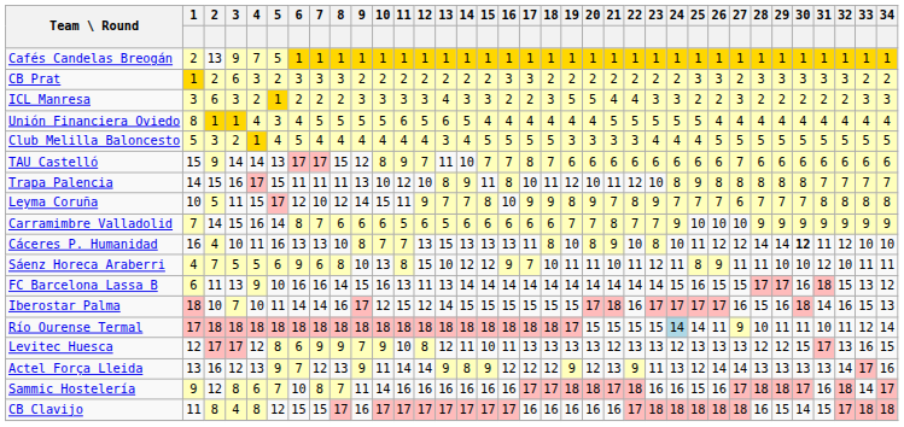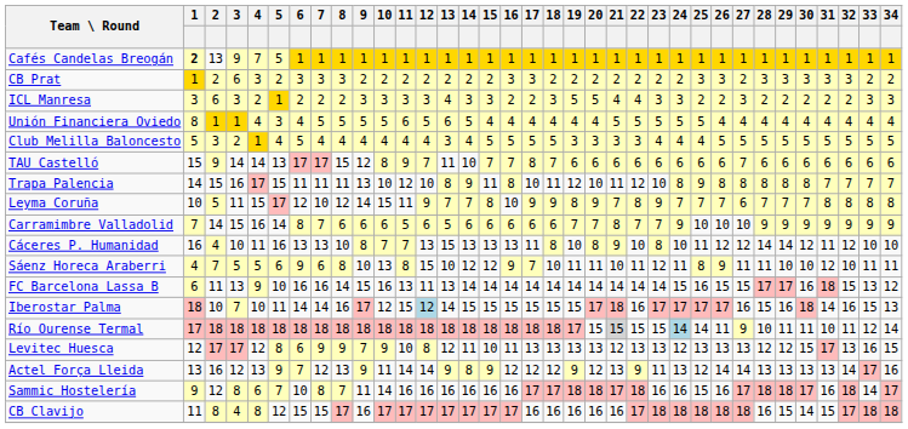 <table class="wikitable sortable" style="font-size: 85%; text-align:center; white-space: nowrap;">
 <tr>
 <th rowspan="2" style="width:140px;">Team \ Round</th>
 <th class="unsortable">1</th>
 <th class="unsortable">2</th>
 <th class="unsortable">3</th>
 <th class="unsortable">4</th>
 <th class="unsortable">5</th>
 <th class="unsortable">6</th>
 <th class="unsortable">7</th>
 <th class="unsortable">8</th>
 <th class="unsortable">9</th>
 <th class="unsortable">10</th>
 <th class="unsortable">11</th>
 <th class="unsortable">12</th>
 <th class="unsortable">13</th>
 <th class="unsortable">14</th>
 <th class="unsortable">15</th>
 <th class="unsortable">16</th>
 <th class="unsortable">17</th>
 <th class="unsortable">18</th>
 <th class="unsortable">19</th>
 <th class="unsortable">20</th>
 <th class="unsortable">21</th>
 <th class="unsortable">22</th>
 <th class="unsortable">23</th>
 <th class="unsortable">24</th>
 <th class="unsortable">25</th>
 <th class="unsortable">26</th>
 <th class="unsortable">27</th>
 <th class="unsortable">28</th>
 <th class="unsortable">29</th>
 <th class="unsortable">30</th>
 <th class="unsortable">31</th>
 <th class="unsortable">32</th>
 <th class="unsortable">33</th>
 <th class="unsortable">34</th>
 </tr>
 <tr style="text-align:center; height:20px;">
 <th scope=row></th>
 <th></th>
 <th></th>
 <th></th>
 <th></th>
 <th></th>
 <th></th>
 <th></th>
 <th></th>
 <th></th>
 <th></th>
 <th></th>
 <th></th>
 <th></th>
 <th></th>
 <th></th>
 <th></th>
 <th></th>
 <th></th>
 <th></th>
 <th></th>
 <th></th>
 <th></th>
 <th></th>
 <th></th>
 <th></th>
 <th></th>
 <th></th>
 <th></th>
 <th></th>
 <th></th>
 <th></th>
 <th></th>
 <th></th>
 </tr>
 <tr>
 <td align=left><a href='#'>Cafés Candelas Breogán</a></td>
-<td bgcolor=#FFFFBB>2</td>
+<td bgcolor=#FFFFBB><strong>2</strong></td>
 <td>13</td>
 <td bgcolor=#FFFFBB>9</td>
 <td bgcolor=#FFFFBB>7</td>
 <td bgcolor=#FFFFBB>5</td>
 <td bgcolor=gold>1</td>
 <td bgcolor=gold>1</td>
 <td bgcolor=gold>1</td>
 <td bgcolor=gold>1</td>
 <td bgcolor=gold>1</td>
 <td bgcolor=gold>1</td>
 <td bgcolor=gold>1</td>
 <td bgcolor=gold>1</td>
 <td bgcolor=gold>1</td>
 <td bgcolor=gold>1</td>
 <td bgcolor=gold>1</td>
 <td bgcolor=gold>1</td>
 <td bgcolor=gold>1</td>
 <td bgcolor=gold>1</td>
 <td bgcolor=gold>1</td>
 <td bgcolor=gold>1</td>
 <td bgcolor=gold>1</td>
 <td bgcolor=gold>1</td>
 <td bgcolor=gold>1</td>
 <td bgcolor=gold>1</td>
 <td bgcolor=gold>1</td>
 <td bgcolor=gold>1</td>
 <td bgcolor=gold>1</td>
 <td bgcolor=gold>1</td>
 <td bgcolor=gold>1</td>
 <td bgcolor=gold>1</td>
 <td bgcolor=gold>1</td>
 <td bgcolor=gold>1</td>
 <td bgcolor=gold>1</td>
 </tr>
 <tr>
 <td align=left><a href='#'>CB Prat</a></td>
 <td bgcolor=gold>1</td>
 <td bgcolor=#FFFFBB>2</td>
 <td bgcolor=#FFFFBB>6</td>
 <td bgcolor=#FFFFBB>3</td>
 <td bgcolor=#FFFFBB>2</td>
 <td bgcolor=#FFFFBB>3</td>
 <td bgcolor=#FFFFBB>3</td>
 <td bgcolor=#FFFFBB>3</td>
 <td bgcolor=#FFFFBB>2</td>
 <td bgcolor=#FFFFBB>2</td>
 <td bgcolor=#FFFFBB>2</td>
 <td bgcolor=#FFFFBB>2</td>
 <td bgcolor=#FFFFBB>2</td>
 <td bgcolor=#FFFFBB>2</td>
 <td bgcolor=#FFFFBB>2</td>
 <td bgcolor=#FFFFBB>3</td>
 <td bgcolor=#FFFFBB>3</td>
 <td bgcolor=#FFFFBB>2</td>
 <td bgcolor=#FFFFBB>2</td>
 <td bgcolor=#FFFFBB>2</td>
 <td bgcolor=#FFFFBB>2</td>
 <td bgcolor=#FFFFBB>2</td>
 <td bgcolor=#FFFFBB>2</td>
 <td bgcolor=#FFFFBB>2</td>
 <td bgcolor=#FFFFBB>3</td>
 <td bgcolor=#FFFFBB>3</td>
 <td bgcolor=#FFFFBB>2</td>
 <td bgcolor=#FFFFBB>3</td>
 <td bgcolor=#FFFFBB>3</td>
 <td bgcolor=#FFFFBB>3</td>
 <td bgcolor=#FFFFBB>3</td>
 <td bgcolor=#FFFFBB>3</td>
 <td bgcolor=#FFFFBB>2</td>
 <td bgcolor=#FFFFBB>2</td>
 </tr>
 <tr>
 <td align=left><a href='#'>ICL Manresa</a></td>
 <td bgcolor=#FFFFBB>3</td>
 <td bgcolor=#FFFFBB>6</td>
 <td bgcolor=#FFFFBB>3</td>
 <td bgcolor=#FFFFBB>2</td>
 <td bgcolor=gold>1</td>
 <td bgcolor=#FFFFBB>2</td>
 <td bgcolor=#FFFFBB>2</td>
 <td bgcolor=#FFFFBB>2</td>
 <td bgcolor=#FFFFBB>3</td>
 <td bgcolor=#FFFFBB>3</td>
 <td bgcolor=#FFFFBB>3</td>
 <td bgcolor=#FFFFBB>3</td>
 <td bgcolor=#FFFFBB>4</td>
 <td bgcolor=#FFFFBB>3</td>
 <td bgcolor=#FFFFBB>3</td>
 <td bgcolor=#FFFFBB>2</td>
 <td bgcolor=#FFFFBB>2</td>
 <td bgcolor=#FFFFBB>3</td>
 <td bgcolor=#FFFFBB>5</td>
 <td bgcolor=#FFFFBB>5</td>
 <td bgcolor=#FFFFBB>4</td>
 <td bgcolor=#FFFFBB>4</td>
 <td bgcolor=#FFFFBB>3</td>
 <td bgcolor=#FFFFBB>3</td>
 <td bgcolor=#FFFFBB>2</td>
 <td bgcolor=#FFFFBB>2</td>
 <td bgcolor=#FFFFBB>3</td>
 <td bgcolor=#FFFFBB>2</td>
 <td bgcolor=#FFFFBB>2</td>
 <td bgcolor=#FFFFBB>2</td>
 <td bgcolor=#FFFFBB>2</td>
 <td bgcolor=#FFFFBB>2</td>
 <td bgcolor=#FFFFBB>3</td>
 <td bgcolor=#FFFFBB>3</td>
 </tr>
 <tr>
 <td align=left><a href='#'>Unión Financiera Oviedo</a></td>
 <td bgcolor=#FFFFBB>8</td>
 <td bgcolor=gold>1</td>
 <td bgcolor=gold>1</td>
 <td bgcolor=#FFFFBB>4</td>
 <td bgcolor=#FFFFBB>3</td>
 <td bgcolor=#FFFFBB>4</td>
 <td bgcolor=#FFFFBB>5</td>
 <td bgcolor=#FFFFBB>5</td>
 <td bgcolor=#FFFFBB>5</td>
 <td bgcolor=#FFFFBB>5</td>
 <td bgcolor=#FFFFBB>6</td>
 <td bgcolor=#FFFFBB>5</td>
 <td bgcolor=#FFFFBB>6</td>
 <td bgcolor=#FFFFBB>5</td>
 <td bgcolor=#FFFFBB>4</td>
 <td bgcolor=#FFFFBB>4</td>
 <td bgcolor=#FFFFBB>4</td>
 <td bgcolor=#FFFFBB>4</td>
 <td bgcolor=#FFFFBB>4</td>
 <td bgcolor=#FFFFBB>4</td>
 <td bgcolor=#FFFFBB>5</td>
 <td bgcolor=#FFFFBB>5</td>
 <td bgcolor=#FFFFBB>5</td>
 <td bgcolor=#FFFFBB>5</td>
 <td bgcolor=#FFFFBB>5</td>
 <td bgcolor=#FFFFBB>4</td>
 <td bgcolor=#FFFFBB>4</td>
 <td bgcolor=#FFFFBB>4</td>
 <td bgcolor=#FFFFBB>4</td>
 <td bgcolor=#FFFFBB>4</td>
 <td bgcolor=#FFFFBB>4</td>
 <td bgcolor=#FFFFBB>4</td>
 <td bgcolor=#FFFFBB>4</td>
 <td bgcolor=#FFFFBB>4</td>
 </tr>
 <tr>
 <td align=left><a href='#'>Club Melilla Baloncesto</a></td>
 <td bgcolor=#FFFFBB>5</td>
 <td bgcolor=#FFFFBB>3</td>
 <td bgcolor=#FFFFBB>2</td>
 <td bgcolor=gold>1</td>
 <td bgcolor=#FFFFBB>4</td>
 <td bgcolor=#FFFFBB>5</td>
 <td bgcolor=#FFFFBB>4</td>
 <td bgcolor=#FFFFBB>4</td>
 <td bgcolor=#FFFFBB>4</td>
 <td bgcolor=#FFFFBB>4</td>
 <td bgcolor=#FFFFBB>4</td>
 <td bgcolor=#FFFFBB>4</td>
 <td bgcolor=#FFFFBB>3</td>
 <td bgcolor=#FFFFBB>4</td>
 <td bgcolor=#FFFFBB>5</td>
 <td bgcolor=#FFFFBB>5</td>
 <td bgcolor=#FFFFBB>5</td>
 <td bgcolor=#FFFFBB>5</td>
 <td bgcolor=#FFFFBB>3</td>
 <td bgcolor=#FFFFBB>3</td>
 <td bgcolor=#FFFFBB>3</td>
 <td bgcolor=#FFFFBB>3</td>
 <td bgcolor=#FFFFBB>4</td>
 <td bgcolor=#FFFFBB>4</td>
 <td bgcolor=#FFFFBB>4</td>
 <td bgcolor=#FFFFBB>5</td>
 <td bgcolor=#FFFFBB>5</td>
 <td bgcolor=#FFFFBB>5</td>
 <td bgcolor=#FFFFBB>5</td>
 <td bgcolor=#FFFFBB>5</td>
 <td bgcolor=#FFFFBB>5</td>
 <td bgcolor=#FFFFBB>5</td>
 <td bgcolor=#FFFFBB>5</td>
 <td bgcolor=#FFFFBB>5</td>
 </tr>
 <tr>
 <td align=left><a href='#'>TAU Castelló</a></td>
 <td>15</td>
 <td bgcolor=#FFFFBB>9</td>
 <td>14</td>
 <td>14</td>
 <td>13</td>
 <td bgcolor=#FFBBBB>17</td>
 <td bgcolor=#FFBBBB>17</td>
 <td>15</td>
 <td>12</td>
 <td bgcolor=#FFFFBB>8</td>
 <td bgcolor=#FFFFBB>9</td>
 <td bgcolor=#FFFFBB>7</td>
 <td>11</td>
 <td>10</td>
 <td bgcolor=#FFFFBB>7</td>
 <td bgcolor=#FFFFBB>7</td>
 <td bgcolor=#FFFFBB>8</td>
 <td bgcolor=#FFFFBB>7</td>
 <td bgcolor=#FFFFBB>6</td>
 <td bgcolor=#FFFFBB>6</td>
 <td bgcolor=#FFFFBB>6</td>
 <td bgcolor=#FFFFBB>6</td>
 <td bgcolor=#FFFFBB>6</td>
 <td bgcolor=#FFFFBB>6</td>
 <td bgcolor=#FFFFBB>6</td>
 <td bgcolor=#FFFFBB>6</td>
 <td bgcolor=#FFFFBB>7</td>
 <td bgcolor=#FFFFBB>6</td>
 <td bgcolor=#FFFFBB>6</td>
 <td bgcolor=#FFFFBB>6</td>
 <td bgcolor=#FFFFBB>6</td>
 <td bgcolor=#FFFFBB>6</td>
 <td bgcolor=#FFFFBB>6</td>
 <td bgcolor=#FFFFBB>6</td>
 </tr>
 <tr>
 <td align=left><a href='#'>Trapa Palencia</a></td>
 <td>14</td>
 <td>15</td>
 <td>16</td>
 <td bgcolor=#FFBBBB>17</td>
 <td>15</td>
 <td>11</td>
 <td>11</td>
 <td>11</td>
 <td>13</td>
 <td>10</td>
 <td>12</td>
 <td>10</td>
 <td bgcolor=#FFFFBB>8</td>
 <td bgcolor=#FFFFBB>9</td>
 <td>11</td>
 <td bgcolor=#FFFFBB>8</td>
 <td>10</td>
 <td>11</td>
 <td>12</td>
 <td>10</td>
 <td>11</td>
 <td>12</td>
 <td>10</td>
 <td bgcolor=#FFFFBB>8</td>
 <td bgcolor=#FFFFBB>9</td>
 <td bgcolor=#FFFFBB>8</td>
 <td bgcolor=#FFFFBB>8</td>
 <td bgcolor=#FFFFBB>8</td>
 <td bgcolor=#FFFFBB>8</td>
 <td bgcolor=#FFFFBB>8</td>
 <td bgcolor=#FFFFBB>7</td>
 <td bgcolor=#FFFFBB>7</td>
 <td bgcolor=#FFFFBB>7</td>
 <td bgcolor=#FFFFBB>7</td>
 </tr>
 <tr>
 <td align=left><a href='#'>Leyma Coruña</a></td>
 <td>10</td>
 <td bgcolor=#FFFFBB>5</td>
 <td>11</td>
 <td>15</td>
 <td bgcolor=#FFBBBB>17</td>
 <td>12</td>
 <td>10</td>
 <td>12</td>
 <td>14</td>
 <td>15</td>
 <td>11</td>
 <td bgcolor=#FFFFBB>9</td>
 <td bgcolor=#FFFFBB>7</td>
 <td bgcolor=#FFFFBB>7</td>
 <td bgcolor=#FFFFBB>8</td>
 <td>10</td>
 <td bgcolor=#FFFFBB>9</td>
 <td bgcolor=#FFFFBB>9</td>
 <td bgcolor=#FFFFBB>8</td>
 <td bgcolor=#FFFFBB>9</td>
 <td bgcolor=#FFFFBB>7</td>
 <td bgcolor=#FFFFBB>8</td>
 <td bgcolor=#FFFFBB>9</td>
 <td bgcolor=#FFFFBB>7</td>
 <td bgcolor=#FFFFBB>7</td>
 <td bgcolor=#FFFFBB>7</td>
 <td bgcolor=#FFFFBB>6</td>
 <td bgcolor=#FFFFBB>7</td>
 <td bgcolor=#FFFFBB>7</td>
 <td bgcolor=#FFFFBB>7</td>
 <td bgcolor=#FFFFBB>8</td>
 <td bgcolor=#FFFFBB>8</td>
 <td bgcolor=#FFFFBB>8</td>
 <td bgcolor=#FFFFBB>8</td>
 </tr>
 <tr>
 <td align=left><a href='#'>Carramimbre Valladolid</a></td>
 <td bgcolor=#FFFFBB>7</td>
 <td>14</td>
 <td>15</td>
 <td>16</td>
 <td>14</td>
 <td bgcolor=#FFFFBB>8</td>
 <td bgcolor=#FFFFBB>7</td>
 <td bgcolor=#FFFFBB>6</td>
 <td bgcolor=#FFFFBB>6</td>
 <td bgcolor=#FFFFBB>6</td>
 <td bgcolor=#FFFFBB>5</td>
 <td bgcolor=#FFFFBB>6</td>
 <td bgcolor=#FFFFBB>5</td>
 <td bgcolor=#FFFFBB>6</td>
 <td bgcolor=#FFFFBB>6</td>
 <td bgcolor=#FFFFBB>6</td>
 <td bgcolor=#FFFFBB>6</td>
 <td bgcolor=#FFFFBB>6</td>
 <td bgcolor=#FFFFBB>7</td>
 <td bgcolor=#FFFFBB>7</td>
 <td bgcolor=#FFFFBB>8</td>
 <td bgcolor=#FFFFBB>7</td>
 <td bgcolor=#FFFFBB>7</td>
 <td bgcolor=#FFFFBB>9</td>
 <td>10</td>
 <td>10</td>
 <td>10</td>
 <td bgcolor=#FFFFBB>9</td>
 <td bgcolor=#FFFFBB>9</td>
 <td bgcolor=#FFFFBB>9</td>
 <td bgcolor=#FFFFBB>9</td>
 <td bgcolor=#FFFFBB>9</td>
 <td bgcolor=#FFFFBB>9</td>
 <td bgcolor=#FFFFBB>9</td>
 </tr>
 <tr>
 <td align=left><a href='#'>Cáceres P. Humanidad</a></td>
 <td>16</td>
 <td bgcolor=#FFFFBB>4</td>
 <td>10</td>
 <td>11</td>
 <td>16</td>
 <td>13</td>
 <td>13</td>
 <td>10</td>
 <td bgcolor=#FFFFBB>8</td>
 <td bgcolor=#FFFFBB>7</td>
 <td bgcolor=#FFFFBB>7</td>
 <td>13</td>
 <td>15</td>
 <td>13</td>
 <td>13</td>
 <td>13</td>
 <td>11</td>
 <td bgcolor=#FFFFBB>8</td>
 <td>10</td>
 <td bgcolor=#FFFFBB>8</td>
 <td bgcolor=#FFFFBB>9</td>
 <td>10</td>
 <td bgcolor=#FFFFBB>8</td>
 <td>10</td>
 <td>11</td>
 <td>12</td>
 <td>12</td>
 <td>14</td>
 <td>14</td>
-<td><strong>12</strong></td>
+<td>12</td>
 <td>11</td>
 <td>12</td>
 <td>10</td>
 <td>10</td>
 </tr>
 <tr>
 <td align=left><a href='#'>Sáenz Horeca Araberri</a></td>
 <td bgcolor=#FFFFBB>4</td>
 <td bgcolor=#FFFFBB>7</td>
 <td bgcolor=#FFFFBB>5</td>
 <td bgcolor=#FFFFBB>5</td>
 <td bgcolor=#FFFFBB>6</td>
 <td bgcolor=#FFFFBB>9</td>
 <td bgcolor=#FFFFBB>6</td>
 <td bgcolor=#FFFFBB>8</td>
 <td>10</td>
 <td>13</td>
 <td bgcolor=#FFFFBB>8</td>
 <td>15</td>
 <td>10</td>
 <td>12</td>
 <td>12</td>
 <td bgcolor=#FFFFBB>9</td>
 <td bgcolor=#FFFFBB>7</td>
 <td>10</td>
 <td>11</td>
 <td>11</td>
 <td>10</td>
 <td>11</td>
 <td>12</td>
 <td>11</td>
 <td bgcolor=#FFFFBB>8</td>
 <td bgcolor=#FFFFBB>9</td>
 <td>11</td>
 <td>11</td>
 <td>10</td>
 <td>10</td>
 <td>12</td>
 <td>10</td>
 <td>11</td>
 <td>11</td>
 </tr>
 <tr>
 <td align=left><a href='#'>FC Barcelona Lassa B</a></td>
 <td bgcolor=#FFFFBB>6</td>
 <td>11</td>
 <td>13</td>
 <td bgcolor=#FFFFBB>9</td>
 <td>10</td>
 <td>16</td>
 <td>16</td>
 <td>14</td>
 <td>15</td>
 <td>16</td>
 <td>13</td>
 <td>11</td>
 <td>13</td>
 <td>14</td>
 <td>14</td>
 <td>14</td>
 <td>14</td>
 <td>14</td>
 <td>14</td>
 <td>14</td>
 <td>14</td>
 <td>14</td>
 <td>14</td>
 <td>15</td>
 <td>16</td>
 <td>15</td>
 <td>15</td>
 <td bgcolor=#FFBBBB>17</td>
 <td bgcolor=#FFBBBB>17</td>
 <td>16</td>
 <td bgcolor=#FFBBBB>18</td>
 <td>15</td>
 <td>13</td>
 <td>12</td>
 </tr>
 <tr>
 <td align=left><a href='#'>Iberostar Palma</a></td>
 <td bgcolor=#FFBBBB>18</td>
 <td>10</td>
 <td bgcolor=#FFFFBB>7</td>
 <td>10</td>
 <td>11</td>
 <td>14</td>
 <td>14</td>
 <td>16</td>
 <td bgcolor=#FFBBBB>17</td>
 <td>12</td>
 <td>15</td>
-<td>12</td>
+<td style="background: lightblue;">12</td>
 <td>14</td>
 <td>15</td>
 <td>15</td>
 <td>15</td>
 <td>15</td>
 <td>15</td>
 <td>15</td>
 <td bgcolor=#FFBBBB>17</td>
 <td bgcolor=#FFBBBB>18</td>
 <td>16</td>
 <td bgcolor=#FFBBBB>17</td>
 <td bgcolor=#FFBBBB>17</td>
 <td bgcolor=#FFBBBB>17</td>
 <td bgcolor=#FFBBBB>17</td>
 <td>16</td>
 <td>15</td>
 <td>16</td>
 <td bgcolor=#FFBBBB>18</td>
 <td>14</td>
 <td>16</td>
 <td>15</td>
 <td>13</td>
 </tr>
 <tr>
 <td align=left><a href='#'>Río Ourense Termal</a></td>
 <td bgcolor=#FFBBBB>17</td>
 <td bgcolor=#FFBBBB>18</td>
 <td bgcolor=#FFBBBB>18</td>
 <td bgcolor=#FFBBBB>18</td>
 <td bgcolor=#FFBBBB>18</td>
 <td bgcolor=#FFBBBB>18</td>
 <td bgcolor=#FFBBBB>18</td>
 <td bgcolor=#FFBBBB>18</td>
 <td bgcolor=#FFBBBB>18</td>
 <td bgcolor=#FFBBBB>18</td>
 <td bgcolor=#FFBBBB>18</td>
 <td bgcolor=#FFBBBB>18</td>
 <td bgcolor=#FFBBBB>18</td>
 <td bgcolor=#FFBBBB>18</td>
 <td bgcolor=#FFBBBB>18</td>
 <td bgcolor=#FFBBBB>18</td>
 <td bgcolor=#FFBBBB>18</td>
 <td bgcolor=#FFBBBB>18</td>
 <td bgcolor=#FFBBBB>17</td>
 <td>15</td>
-<td>15</td>
+<td style="background: lightgrey;">15</td>
 <td>15</td>
 <td>15</td>
 <td style="background: lightblue;">14</td>
 <td>14</td>
 <td>11</td>
 <td bgcolor=#FFFFBB>9</td>
 <td>10</td>
 <td>11</td>
 <td>11</td>
 <td>10</td>
 <td>11</td>
 <td>12</td>
 <td>14</td>
 </tr>
 <tr>
 <td align=left><a href='#'>Levitec Huesca</a></td>
 <td>12</td>
 <td bgcolor=#FFBBBB>17</td>
 <td bgcolor=#FFBBBB>17</td>
 <td>12</td>
 <td bgcolor=#FFFFBB>8</td>
 <td bgcolor=#FFFFBB>6</td>
 <td bgcolor=#FFFFBB>9</td>
 <td bgcolor=#FFFFBB>9</td>
 <td bgcolor=#FFFFBB>7</td>
 <td bgcolor=#FFFFBB>9</td>
 <td>10</td>
 <td bgcolor=#FFFFBB>8</td>
 <td>12</td>
 <td>11</td>
 <td>10</td>
 <td>11</td>
 <td>13</td>
 <td>13</td>
 <td>13</td>
 <td>13</td>
 <td>12</td>
 <td>13</td>
 <td>13</td>
 <td>12</td>
 <td>13</td>
 <td>13</td>
 <td>13</td>
 <td>12</td>
 <td>12</td>
 <td>15</td>
 <td bgcolor=#FFBBBB>17</td>
 <td>13</td>
 <td>16</td>
 <td>15</td>
 </tr>
 <tr>
 <td align=left><a href='#'>Actel Força Lleida</a></td>
 <td>13</td>
 <td>16</td>
 <td>12</td>
 <td>13</td>
 <td bgcolor=#FFFFBB>9</td>
 <td bgcolor=#FFFFBB>7</td>
 <td>12</td>
 <td>13</td>
 <td bgcolor=#FFFFBB>9</td>
 <td>11</td>
 <td>14</td>
 <td>14</td>
 <td bgcolor=#FFFFBB>9</td>
 <td bgcolor=#FFFFBB>8</td>
 <td bgcolor=#FFFFBB>9</td>
 <td>12</td>
 <td>12</td>
 <td>12</td>
 <td bgcolor=#FFFFBB>9</td>
 <td>12</td>
 <td>13</td>
 <td bgcolor=#FFFFBB>9</td>
 <td>11</td>
 <td>13</td>
 <td>12</td>
 <td>14</td>
 <td>14</td>
 <td>13</td>
 <td>13</td>
 <td>13</td>
 <td>13</td>
 <td>14</td>
 <td bgcolor=#FFBBBB>17</td>
 <td>16</td>
 </tr>
 <tr>
 <td align=left><a href='#'>Sammic Hostelería</a></td>
 <td bgcolor=#FFFFBB>9</td>
 <td>12</td>
 <td bgcolor=#FFFFBB>8</td>
 <td bgcolor=#FFFFBB>6</td>
 <td bgcolor=#FFFFBB>7</td>
 <td>10</td>
 <td bgcolor=#FFFFBB>8</td>
 <td bgcolor=#FFFFBB>7</td>
 <td>11</td>
 <td>14</td>
 <td>16</td>
 <td>16</td>
 <td>16</td>
 <td>16</td>
 <td>16</td>
 <td>16</td>
 <td bgcolor=#FFBBBB>17</td>
 <td bgcolor=#FFBBBB>17</td>
 <td bgcolor=#FFBBBB>18</td>
 <td bgcolor=#FFBBBB>18</td>
 <td bgcolor=#FFBBBB>17</td>
 <td bgcolor=#FFBBBB>18</td>
 <td>16</td>
 <td>16</td>
 <td>15</td>
 <td>16</td>
 <td bgcolor=#FFBBBB>17</td>
 <td bgcolor=#FFBBBB>18</td>
 <td bgcolor=#FFBBBB>18</td>
 <td bgcolor=#FFBBBB>17</td>
 <td>16</td>
 <td bgcolor=#FFBBBB>18</td>
 <td>14</td>
 <td bgcolor=#FFBBBB>17</td>
 </tr>
 <tr>
 <td align=left><a href='#'>CB Clavijo</a></td>
 <td>11</td>
 <td bgcolor=#FFFFBB>8</td>
 <td bgcolor=#FFFFBB>4</td>
 <td bgcolor=#FFFFBB>8</td>
 <td>12</td>
 <td>15</td>
 <td>15</td>
 <td bgcolor=#FFBBBB>17</td>
 <td>16</td>
 <td bgcolor=#FFBBBB>17</td>
 <td bgcolor=#FFBBBB>17</td>
 <td bgcolor=#FFBBBB>17</td>
 <td bgcolor=#FFBBBB>17</td>
 <td bgcolor=#FFBBBB>17</td>
 <td bgcolor=#FFBBBB>17</td>
 <td bgcolor=#FFBBBB>17</td>
 <td>16</td>
 <td>16</td>
 <td>16</td>
 <td>16</td>
 <td>16</td>
 <td bgcolor=#FFBBBB>17</td>
 <td bgcolor=#FFBBBB>18</td>
 <td bgcolor=#FFBBBB>18</td>
 <td bgcolor=#FFBBBB>18</td>
 <td bgcolor=#FFBBBB>18</td>
 <td bgcolor=#FFBBBB>18</td>
 <td>16</td>
 <td>15</td>
 <td>14</td>
 <td>15</td>
 <td bgcolor=#FFBBBB>17</td>
 <td bgcolor=#FFBBBB>18</td>
 <td bgcolor=#FFBBBB>18</td>
 </tr>
 <tr>
 </tr>
 </table>
